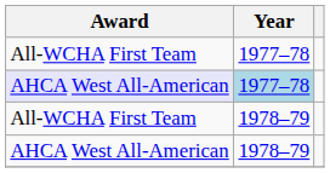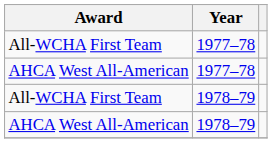 <table class="wikitable">
 <tr>
 <th>Award</th>
 <th>Year</th>
 <th></th>
 </tr>
 <tr>
 <td>All-<a href='#'>WCHA</a> <a href='#'>First Team</a></td>
 <td><a href='#'>1977–78</a></td>
 <td></td>
 </tr>
 <tr>
-<td style="background: lavender;"><a href='#'>AHCA</a> <a href='#'>West All-American</a></td>
-<td style="background: lightblue;"><a href='#'>1977–78</a></td>
+<td><a href='#'>AHCA</a> <a href='#'>West All-American</a></td>
+<td><a href='#'>1977–78</a></td>
 <td></td>
 </tr>
 <tr>
 <td>All-<a href='#'>WCHA</a> <a href='#'>First Team</a></td>
 <td><a href='#'>1978–79</a></td>
 <td></td>
 </tr>
 <tr>
 <td><a href='#'>AHCA</a> <a href='#'>West All-American</a></td>
 <td><a href='#'>1978–79</a></td>
 <td></td>
 </tr>
 <tr>
 </tr>
 </table>
